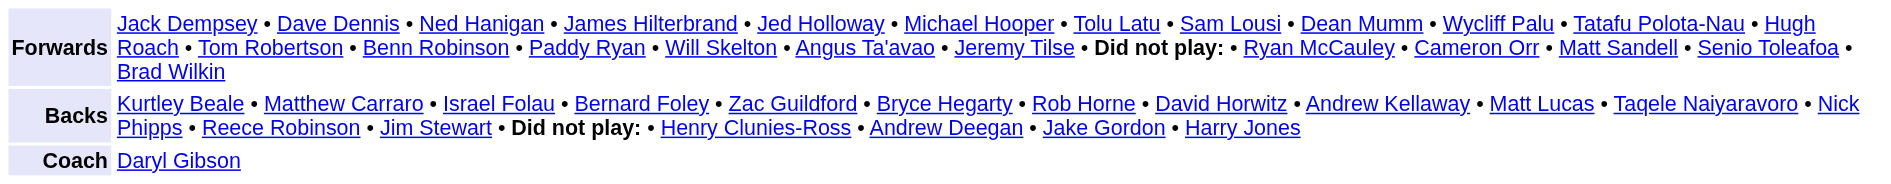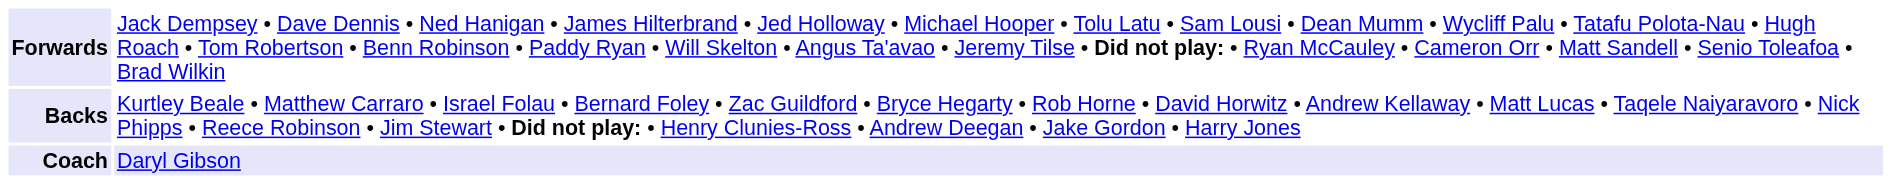 <table cellpadding="2" style="border: 1px solid white; font-size:90%;">
 <tr>
 <td style="text-align:right;" bgcolor="lavender"><strong>Forwards</strong></td>
 <td style="text-align:left;"><a href='#'>Jack Dempsey</a> • <a href='#'>Dave Dennis</a> • <a href='#'>Ned Hanigan</a> • <a href='#'>James Hilterbrand</a> • <a href='#'>Jed Holloway</a> • <a href='#'>Michael Hooper</a> • <a href='#'>Tolu Latu</a> • <a href='#'>Sam Lousi</a> • <a href='#'>Dean Mumm</a> • <a href='#'>Wycliff Palu</a> • <a href='#'>Tatafu Polota-Nau</a> • <a href='#'>Hugh Roach</a> • <a href='#'>Tom Robertson</a> • <a href='#'>Benn Robinson</a> • <a href='#'>Paddy Ryan</a> • <a href='#'>Will Skelton</a> • <a href='#'>Angus Ta'avao</a> • <a href='#'>Jeremy Tilse</a> • <strong>Did not play:</strong> • <a href='#'>Ryan McCauley</a> • <a href='#'>Cameron Orr</a> • <a href='#'>Matt Sandell</a> • <a href='#'>Senio Toleafoa</a> • <a href='#'>Brad Wilkin</a></td>
 </tr>
 <tr>
 <td style="text-align:right;" bgcolor="lavender"><strong>Backs</strong></td>
 <td style="text-align:left;"><a href='#'>Kurtley Beale</a> • <a href='#'>Matthew Carraro</a> • <a href='#'>Israel Folau</a> • <a href='#'>Bernard Foley</a> • <a href='#'>Zac Guildford</a> • <a href='#'>Bryce Hegarty</a> • <a href='#'>Rob Horne</a> • <a href='#'>David Horwitz</a> • <a href='#'>Andrew Kellaway</a> • <a href='#'>Matt Lucas</a> • <a href='#'>Taqele Naiyaravoro</a> • <a href='#'>Nick Phipps</a> • <a href='#'>Reece Robinson</a> • <a href='#'>Jim Stewart</a> • <strong>Did not play:</strong> • <a href='#'>Henry Clunies-Ross</a> • <a href='#'>Andrew Deegan</a> • <a href='#'>Jake Gordon</a> • <a href='#'>Harry Jones</a></td>
 </tr>
 <tr>
 <td style="text-align:right;" bgcolor="lavender"><strong>Coach</strong></td>
-<td style="text-align:left;"><a href='#'>Daryl Gibson</a></td>
+<td style="background: lavender; text-align:left;"><a href='#'>Daryl Gibson</a></td>
 </tr>
 </table>
